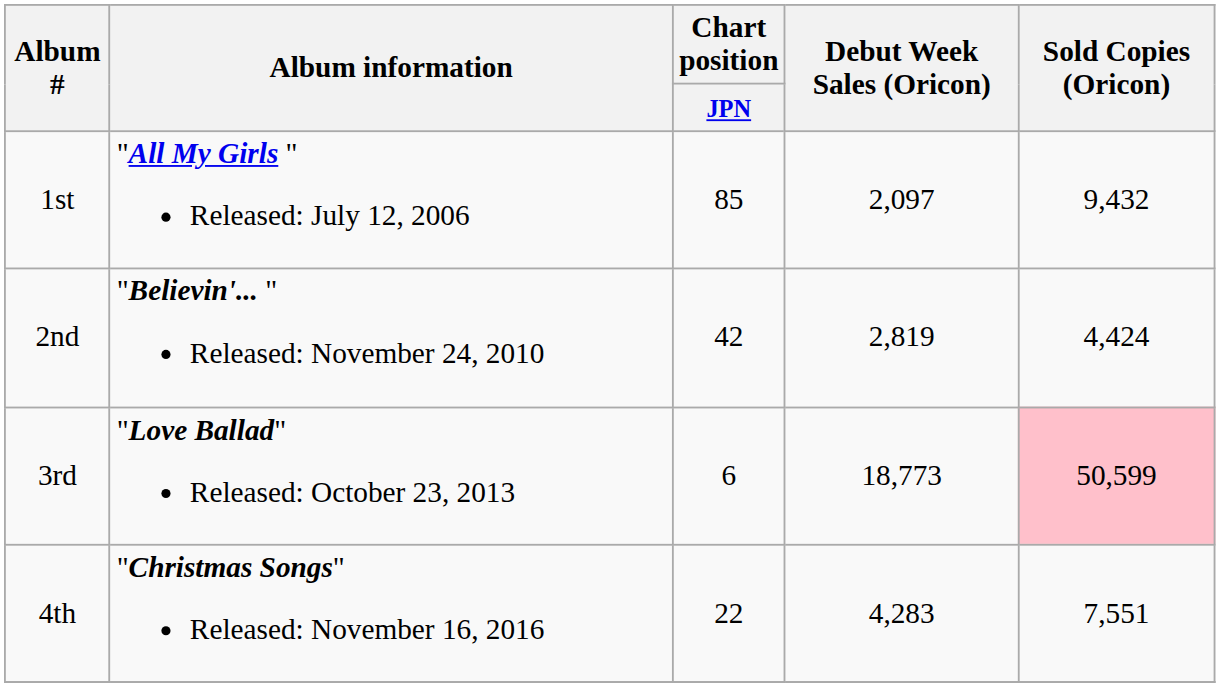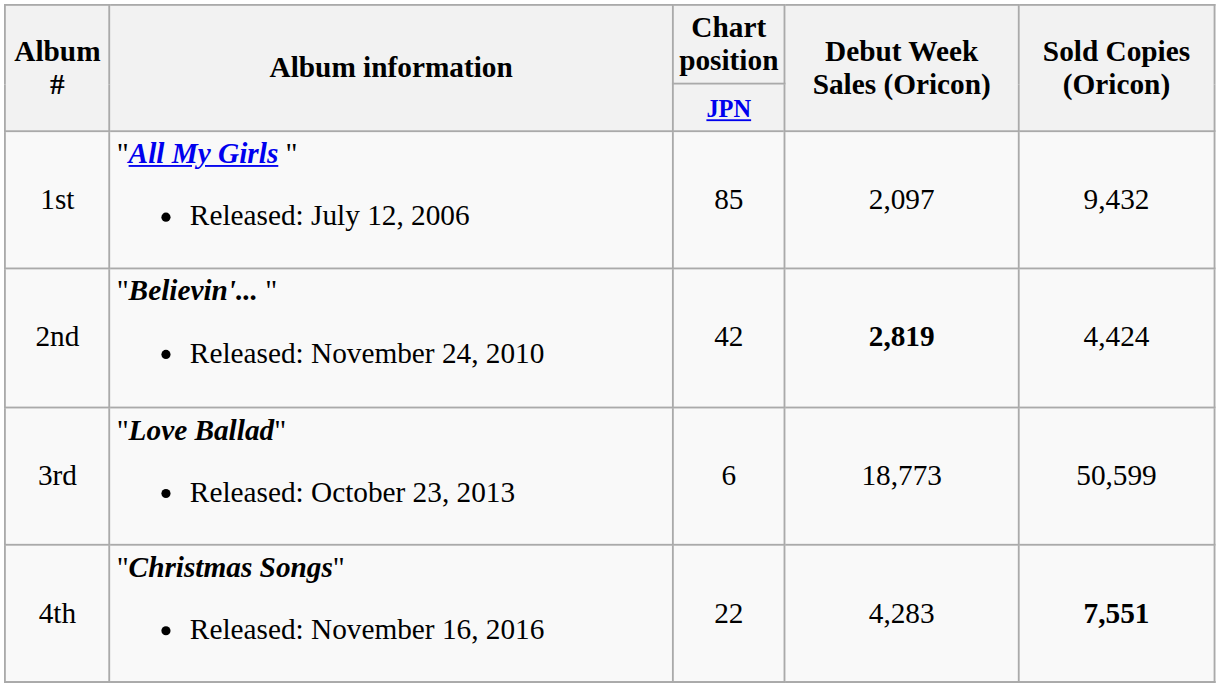 <table class="wikitable">
 <tr>
 <th width="50" rowspan="2">Album #</th>
 <th width="300" rowspan="2">Album information</th>
 <th>Chart position</th>
 <th width="120" rowspan="2">Debut Week Sales (Oricon)</th>
 <th width="100" rowspan="2">Sold Copies (Oricon)</th>
 </tr>
 <tr>
 <th width="30"><small><a href='#'>JPN</a></small></th>
 </tr>
 <tr>
 <td align="center">1st</td>
 <td align="left">"<strong><em><a href='#'>All My Girls</a> </em></strong>"<br><ul><li>Released: July 12, 2006</li></ul></td>
 <td align="center">85</td>
 <td align="center">2,097</td>
 <td align="center">9,432</td>
 </tr>
 <tr>
 <td align="center">2nd</td>
 <td align="left">"<strong><em>Believin'... </em></strong>"<br><ul><li>Released: November 24, 2010</li></ul></td>
 <td align="center">42</td>
-<td align="center">2,819</td>
+<td align="center"><strong>2,819</strong></td>
 <td align="center">4,424</td>
 </tr>
 <tr>
 <td align="center">3rd</td>
 <td align="left">"<strong><em>Love Ballad</em></strong>"<br><ul><li>Released: October 23, 2013</li></ul></td>
 <td align="center">6</td>
 <td align="center">18,773</td>
-<td align="center" style="background: pink;">50,599</td>
+<td align="center">50,599</td>
 </tr>
 <tr>
 <td align="center">4th</td>
 <td align="left">"<strong><em>Christmas Songs</em></strong>"<br><ul><li>Released: November 16, 2016</li></ul></td>
 <td align="center">22</td>
 <td align="center">4,283</td>
-<td align="center">7,551</td>
+<td align="center"><strong>7,551</strong></td>
 </tr>
 <tr>
 </tr>
 </table>
